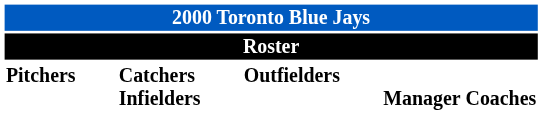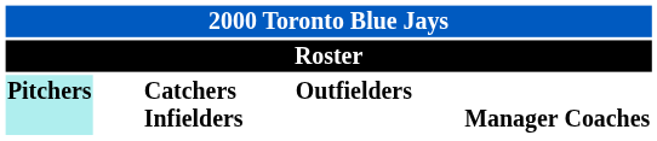 <table class="toccolours" style="font-size: 95%;">
 <tr>
 <th colspan="10" style="background-color: #005ac0; color: #FFFFFF; text-align: center;">2000 Toronto Blue Jays</th>
 </tr>
 <tr>
 <td colspan="10" style="background-color: black; color: white; text-align: center;"><strong>Roster</strong></td>
 </tr>
 <tr>
-<td valign="top"><strong>Pitchers</strong><br>                     </td>
+<td valign="top" style="background: paleturquoise;"><strong>Pitchers</strong><br>                     </td>
 <td width="25px"></td>
 <td valign="top"><strong>Catchers</strong><br>     <strong>Infielders</strong>        </td>
 <td width="25px"></td>
 <td valign="top"><strong>Outfielders</strong><br>         </td>
 <td width="25px"></td>
 <td valign="top"><br><strong>Manager</strong>  <strong>Coaches</strong>       </td>
 </tr>
 </table>
